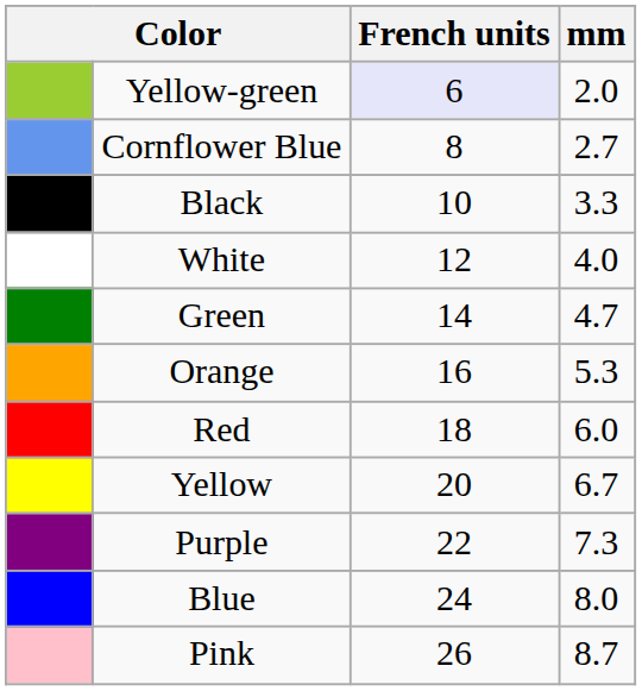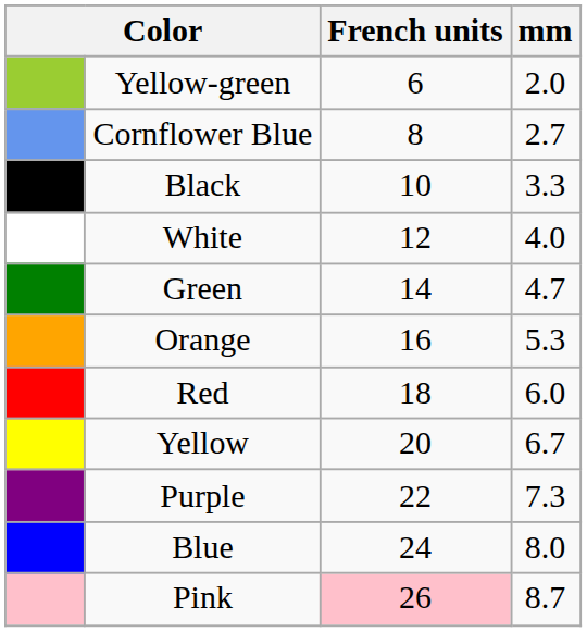 <table class="wikitable sortable" style="text-align:center;">
 <tr>
 <th colspan="2" scope="col" class="unsortable">Color</th>
 <th scope="col" style="text-align:center;">French units</th>
 <th scope="col" style="text-align:center;">mm</th>
 </tr>
 <tr>
 <td style="background:yellowgreen;">        </td>
 <td>Yellow-green</td>
-<td style="background: lavender;">6</td>
+<td>6</td>
 <td>2.0</td>
 </tr>
 <tr>
 <td style="background:cornflowerBlue;"></td>
 <td>Cornflower Blue</td>
 <td>8</td>
 <td>2.7</td>
 </tr>
 <tr>
 <td style="background:black;"></td>
 <td>Black</td>
 <td>10</td>
 <td>3.3</td>
 </tr>
 <tr>
 <td style="background:white;"></td>
 <td>White</td>
 <td>12</td>
 <td>4.0</td>
 </tr>
 <tr>
 <td style="background:green;"></td>
 <td>Green</td>
 <td>14</td>
 <td>4.7</td>
 </tr>
 <tr>
 <td style="background:orange;"></td>
 <td>Orange</td>
 <td>16</td>
 <td>5.3</td>
 </tr>
 <tr>
 <td style="background:red;"></td>
 <td>Red</td>
 <td>18</td>
 <td>6.0</td>
 </tr>
 <tr>
 <td style="background:yellow;"></td>
 <td>Yellow</td>
 <td>20</td>
 <td>6.7</td>
 </tr>
 <tr>
 <td style="background:purple;"></td>
 <td>Purple</td>
 <td>22</td>
 <td>7.3</td>
 </tr>
 <tr>
 <td style="background:blue;"></td>
 <td>Blue</td>
 <td>24</td>
 <td>8.0</td>
 </tr>
 <tr>
 <td style="background:pink;"></td>
 <td>Pink</td>
-<td>26</td>
+<td style="background: pink;">26</td>
 <td>8.7</td>
 </tr>
 </table>
